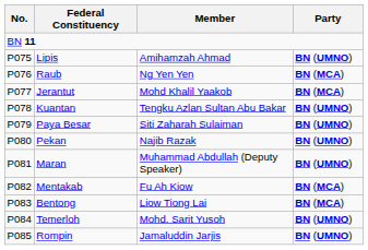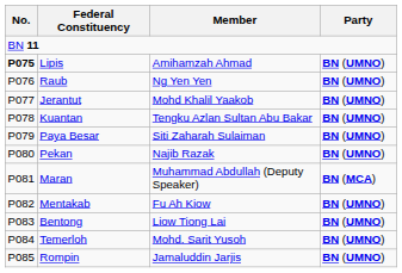 <table class="wikitable sortable">
 <tr>
 <th style="width:30px;">No.</th>
 <th style="width:150px;">Federal Constituency</th>
 <th style="width:230px;">Member</th>
 <th style="width:100px;">Party</th>
 </tr>
 <tr>
 <td colspan="4"><a href='#'>BN</a> <strong>11</strong></td>
 </tr>
 <tr>
-<td>P075</td>
+<td><strong>P075</strong></td>
 <td><a href='#'>Lipis</a></td>
 <td><a href='#'>Amihamzah Ahmad</a></td>
 <td><strong><a href='#'>BN</a></strong> (<strong><a href='#'>UMNO</a></strong>)</td>
 </tr>
 <tr>
 <td>P076</td>
 <td><a href='#'>Raub</a></td>
 <td><a href='#'>Ng Yen Yen</a></td>
-<td><strong><a href='#'>BN</a></strong> (<strong><a href='#'>MCA</a></strong>)</td>
+<td><strong><a href='#'>BN</a></strong> (<strong><a href='#'>UMNO</a></strong>)</td>
 </tr>
 <tr>
 <td>P077</td>
 <td><a href='#'>Jerantut</a></td>
 <td><a href='#'>Mohd Khalil Yaakob</a></td>
-<td><strong><a href='#'>BN</a></strong> (<strong><a href='#'>MCA</a></strong>)</td>
+<td><strong><a href='#'>BN</a></strong> (<strong><a href='#'>UMNO</a></strong>)</td>
 </tr>
 <tr>
 <td>P078</td>
 <td><a href='#'>Kuantan</a></td>
 <td><a href='#'>Tengku Azlan Sultan Abu Bakar</a></td>
 <td><strong><a href='#'>BN</a></strong> (<strong><a href='#'>UMNO</a></strong>)</td>
 </tr>
 <tr>
 <td>P079</td>
 <td><a href='#'>Paya Besar</a></td>
 <td><a href='#'>Siti Zaharah Sulaiman</a></td>
 <td><strong><a href='#'>BN</a></strong> (<strong><a href='#'>UMNO</a></strong>)</td>
 </tr>
 <tr>
 <td>P080</td>
 <td><a href='#'>Pekan</a></td>
 <td><a href='#'>Najib Razak</a></td>
 <td><strong><a href='#'>BN</a></strong> (<strong><a href='#'>UMNO</a></strong>)</td>
 </tr>
 <tr>
 <td>P081</td>
 <td><a href='#'>Maran</a></td>
 <td><a href='#'>Muhammad Abdullah</a> (Deputy Speaker)</td>
-<td><strong><a href='#'>BN</a></strong> (<strong><a href='#'>UMNO</a></strong>)</td>
+<td><strong><a href='#'>BN</a></strong> (<strong><a href='#'>MCA</a></strong>)</td>
 </tr>
 <tr>
 <td>P082</td>
 <td><a href='#'>Mentakab</a></td>
 <td><a href='#'>Fu Ah Kiow</a></td>
-<td><strong><a href='#'>BN</a></strong> (<strong><a href='#'>MCA</a></strong>)</td>
+<td><strong><a href='#'>BN</a></strong> (<strong><a href='#'>UMNO</a></strong>)</td>
 </tr>
 <tr>
 <td>P083</td>
 <td><a href='#'>Bentong</a></td>
 <td><a href='#'>Liow Tiong Lai</a></td>
-<td><strong><a href='#'>BN</a></strong> (<strong><a href='#'>MCA</a></strong>)</td>
+<td><strong><a href='#'>BN</a></strong> (<strong><a href='#'>UMNO</a></strong>)</td>
 </tr>
 <tr>
 <td>P084</td>
 <td><a href='#'>Temerloh</a></td>
 <td><a href='#'>Mohd. Sarit Yusoh</a></td>
 <td><strong><a href='#'>BN</a></strong> (<strong><a href='#'>UMNO</a></strong>)</td>
 </tr>
 <tr>
 <td>P085</td>
 <td><a href='#'>Rompin</a></td>
 <td><a href='#'>Jamaluddin Jarjis</a></td>
 <td><strong><a href='#'>BN</a></strong> (<strong><a href='#'>UMNO</a></strong>)</td>
 </tr>
 </table>
